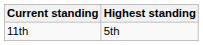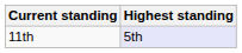 <table class="wikitable">
 <tr>
 <th>Current standing</th>
 <th>Highest standing</th>
 </tr>
 <tr>
 <td>11th</td>
-<td>5th</td>
+<td style="background: lavender;">5th</td>
 </tr>
 </table>
